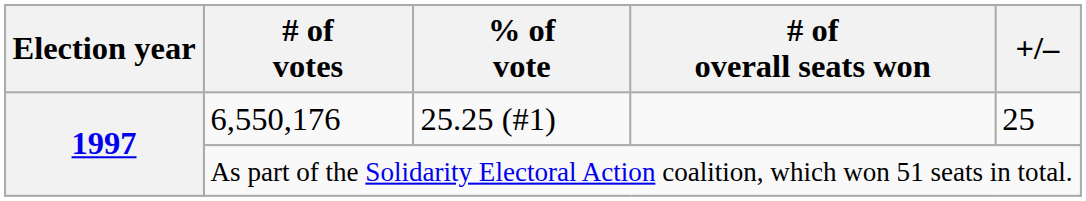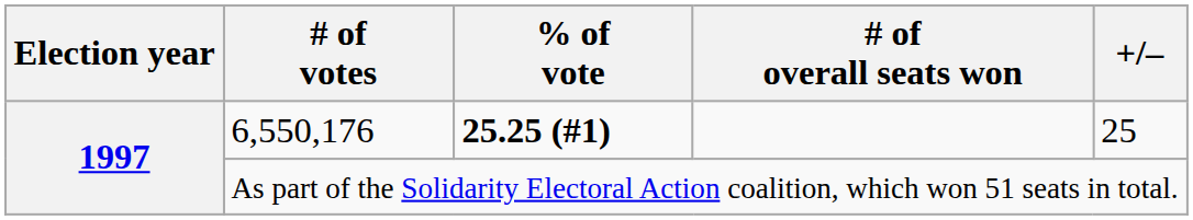 <table class="wikitable">
 <tr>
 <th>Election year</th>
 <th># of<br>votes</th>
 <th>% of<br>vote</th>
 <th># of<br>overall seats won</th>
 <th>+/–</th>
 </tr>
 <tr>
 <th rowspan="2"><a href='#'>1997</a></th>
 <td>6,550,176</td>
-<td>25.25 (#1)</td>
+<td><strong>25.25 (#1)</strong></td>
 <td></td>
 <td> 25</td>
 </tr>
 <tr>
 <td colspan="4"><small>As part of the <a href='#'>Solidarity Electoral Action</a> coalition, which won 51 seats in total.</small></td>
 </tr>
 </table>
